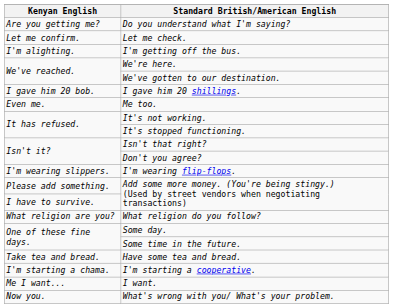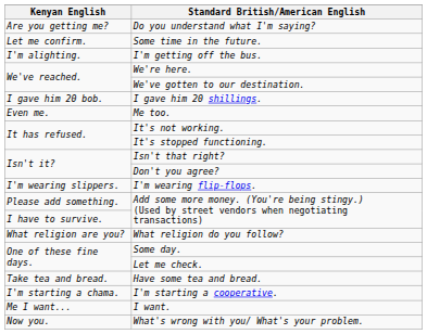 <table class="wikitable">
 <tr>
 </tr>
 <tr>
 <th>Kenyan English</th>
 <th>Standard British/American English</th>
 </tr>
 <tr>
 <td><em>Are you getting me?</em></td>
 <td><em>Do you understand what I'm saying?</em></td>
 </tr>
 <tr>
 <td><em>Let me confirm.</em></td>
-<td><em>Let me check.</em></td>
+<td><em>Some time in the future.</em></td>
 </tr>
 <tr>
 <td><em>I'm alighting.</em></td>
 <td><em>I'm getting off the bus.</em></td>
 </tr>
 <tr>
 <td rowspan="2"><em>We've reached.</em></td>
 <td><em>We're here.</em></td>
 </tr>
 <tr>
 <td><em>We've gotten to our destination.</em></td>
 </tr>
 <tr>
 <td><em>I gave him 20 bob.</em></td>
 <td><em>I gave him 20 <a href='#'>shillings</a>.</em></td>
 </tr>
 <tr>
 <td><em>Even me.</em></td>
 <td><em>Me too.</em></td>
 </tr>
 <tr>
 <td rowspan="2"><em>It has refused.</em></td>
 <td><em>It's not working.</em></td>
 </tr>
 <tr>
 <td><em>It's stopped functioning.</em></td>
 </tr>
 <tr>
 <td rowspan="2"><em>Isn't it?</em></td>
 <td><em>Isn't that right?</em></td>
 </tr>
 <tr>
 <td><em>Don't you agree?</em></td>
 </tr>
 <tr>
 <td><em>I'm wearing slippers.</em></td>
 <td><em>I'm wearing <a href='#'>flip-flops</a>.</em></td>
 </tr>
 <tr>
 <td><em>Please add something.</em></td>
 <td rowspan="2"><em>Add some more money. (You're being stingy.)</em><br>(Used by street vendors when negotiating transactions)</td>
 </tr>
 <tr>
 <td><em>I have to survive.</em></td>
 </tr>
 <tr>
 <td><em>What religion are you?</em></td>
 <td><em>What religion do you follow?</em></td>
 </tr>
 <tr>
 <td rowspan="2"><em>One of these fine days.</em></td>
 <td><em>Some day.</em></td>
 </tr>
 <tr>
-<td><em>Some time in the future.</em></td>
+<td><em>Let me check.</em></td>
 </tr>
 <tr>
 <td><em>Take tea and bread.</em></td>
 <td><em>Have some tea and bread.</em></td>
 </tr>
 <tr>
 <td><em>I'm starting a chama.</em></td>
 <td><em>I'm starting a <a href='#'>cooperative</a>.</em></td>
 </tr>
 <tr>
 <td><em>Me I want...</em></td>
 <td><em>I want.</em></td>
 </tr>
 <tr>
 <td><em>Now you.</em></td>
 <td><em>What's wrong with you/ What's your problem.</em></td>
 </tr>
 </table>
